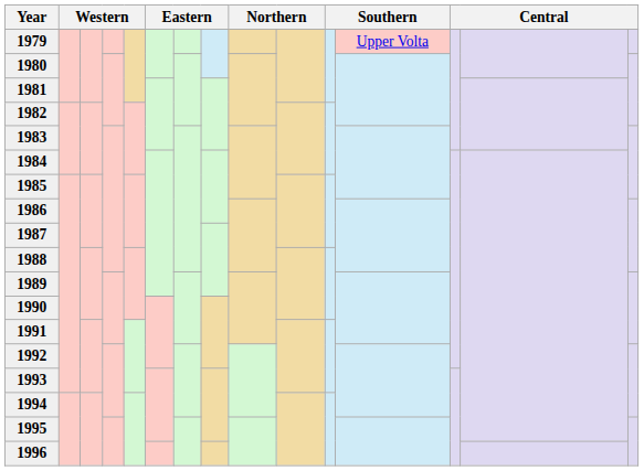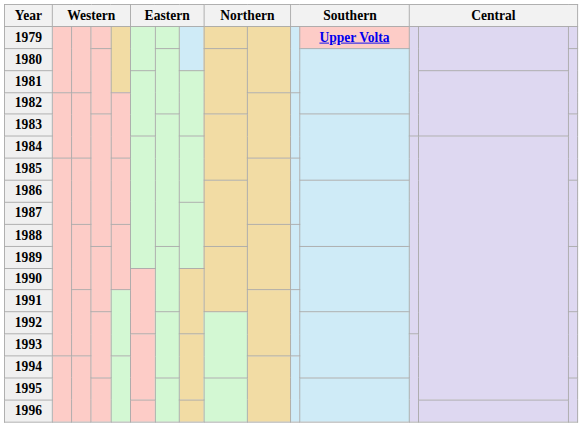 <table class="wikitable" width="100%" style="font-size:92%;">
 <tr>
 <th>Year</th>
 <th colspan='4'>Western</th>
 <th colspan='3'>Eastern</th>
 <th colspan='2'>Northern</th>
 <th colspan='2'>Southern</th>
 <th colspan='3'>Central</th>
 </tr>
 <tr align="center">
 <td style="background: #f0f0f0"><strong>1979</strong></td>
 <td style="background: #fdccc7" rowspan='3'></td>
 <td style="background: #fdccc7" rowspan='3'></td>
 <td style="background: #fdccc7" rowspan='1'></td>
 <td style="background: #f2dca4" rowspan='3'></td>
 <td style="background: #d3f8d3" rowspan='2'></td>
 <td style="background: #d3f8d3" rowspan='1'></td>
 <td style="background: #cfebf7" rowspan='2'></td>
 <td style="background: #f2dca4" rowspan='1'></td>
 <td style="background: #f2dca4" rowspan='3'></td>
 <td style="background: #cfebf7" rowspan='3'></td>
-<td style="background: #fdccc7" rowspan='1'> <a href='#'>Upper Volta</a></td>
+<td style="background: #fdccc7" rowspan='1'><strong> <a href='#'>Upper Volta</a></strong></td>
 <td style="background: #ded8f1" rowspan='5'></td>
 <td style="background: #ded8f1" rowspan='2'></td>
 <td style="background: #ded8f1" rowspan='1'></td>
 </tr>
 <tr align="center">
 <td style="background: #f0f0f0"><strong>1980</strong></td>
 <td style="background: #fdccc7" rowspan='3'></td>
 <td style="background: #d3f8d3" rowspan='3'></td>
 <td style="background: #f2dca4" rowspan='3'></td>
 <td style="background: #cfebf7" rowspan='3'></td>
 <td style="background: #ded8f1" rowspan='3'></td>
 </tr>
 <tr align="center">
 <td style="background: #f0f0f0"><strong>1981</strong></td>
 <td style="background: #d3f8d3" rowspan='3'></td>
 <td style="background: #d3f8d3" rowspan='3'></td>
 <td style="background: #ded8f1" rowspan='3'></td>
 </tr>
 <tr align="center">
 <td style="background: #f0f0f0"><strong>1982</strong></td>
 <td style="background: #fdccc7" rowspan='3'></td>
 <td style="background: #fdccc7" rowspan='3'></td>
 <td style="background: #fdccc7" rowspan='3'></td>
 <td style="background: #f2dca4" rowspan='3'></td>
 <td style="background: #cfebf7" rowspan='3'></td>
 </tr>
 <tr align="center">
 <td style="background: #f0f0f0"><strong>1983</strong></td>
 <td style="background: #fdccc7" rowspan='6'></td>
 <td style="background: #d3f8d3" rowspan='6'></td>
 <td style="background: #f2dca4" rowspan='3'></td>
 <td style="background: #cfebf7" rowspan='3'></td>
 <td style="background: #ded8f1" rowspan='3'></td>
 </tr>
 <tr align="center">
 <td style="background: #f0f0f0"><strong>1984</strong></td>
 <td style="background: #d3f8d3" rowspan='6'></td>
 <td style="background: #d3f8d3" rowspan='3'></td>
 <td style="background: #ded8f1" rowspan='9'></td>
 <td style="background: #ded8f1" rowspan='12'></td>
 </tr>
 <tr align="center">
 <td style="background: #f0f0f0"><strong>1985</strong></td>
 <td style="background: #fdccc7" rowspan='9'></td>
 <td style="background: #fdccc7" rowspan='3'></td>
 <td style="background: #fdccc7" rowspan='3'></td>
 <td style="background: #f2dca4" rowspan='3'></td>
 <td style="background: #cfebf7" rowspan='3'></td>
 </tr>
 <tr align="center">
 <td style="background: #f0f0f0"><strong>1986</strong></td>
 <td style="background: #f2dca4" rowspan='3'></td>
 <td style="background: #cfebf7" rowspan='3'></td>
 <td style="background: #ded8f1" rowspan='3'></td>
 </tr>
 <tr align="center">
 <td style="background: #f0f0f0"><strong>1987</strong></td>
 <td style="background: #d3f8d3" rowspan='3'></td>
 </tr>
 <tr align="center">
 <td style="background: #f0f0f0"><strong>1988</strong></td>
 <td style="background: #fdccc7" rowspan='3'></td>
 <td style="background: #fdccc7" rowspan='3'></td>
 <td style="background: #f2dca4" rowspan='3'></td>
 <td style="background: #cfebf7" rowspan='3'></td>
 </tr>
 <tr align="center">
 <td style="background: #f0f0f0"><strong>1989</strong></td>
 <td style="background: #fdccc7" rowspan='3'></td>
 <td style="background: #d3f8d3" rowspan='3'></td>
 <td style="background: #f2dca4" rowspan='3'></td>
 <td style="background: #cfebf7" rowspan='3'></td>
 <td style="background: #ded8f1" rowspan='3'></td>
 </tr>
 <tr align="center">
 <td style="background: #f0f0f0"><strong>1990</strong></td>
 <td style="background: #fdccc7" rowspan='3'></td>
 <td style="background: #f2dca4" rowspan='3'></td>
 </tr>
 <tr align="center">
 <td style="background: #f0f0f0"><strong>1991</strong></td>
 <td style="background: #fdccc7" rowspan='3'></td>
 <td style="background: #d3f8d3" rowspan='3'></td>
 <td style="background: #f2dca4" rowspan='3'></td>
 <td style="background: #cfebf7" rowspan='3'></td>
 </tr>
 <tr align="center">
 <td style="background: #f0f0f0"><strong>1992</strong></td>
 <td style="background: #fdccc7" rowspan='3'></td>
 <td style="background: #d3f8d3" rowspan='3'></td>
 <td style="background: #d3f8d3" rowspan='3'></td>
 <td style="background: #cfebf7" rowspan='3'></td>
 <td style="background: #ded8f1" rowspan='3'></td>
 </tr>
 <tr align="center">
 <td style="background: #f0f0f0"><strong>1993</strong></td>
 <td style="background: #fdccc7" rowspan='3'></td>
 <td style="background: #f2dca4" rowspan='3'></td>
 <td style="background: #ded8f1" rowspan='4'></td>
 </tr>
 <tr align="center">
 <td style="background: #f0f0f0"><strong>1994</strong></td>
 <td style="background: #fdccc7" rowspan='3'></td>
 <td style="background: #fdccc7" rowspan='3'></td>
 <td style="background: #d3f8d3" rowspan='3'></td>
 <td style="background: #f2dca4" rowspan='3'></td>
 <td style="background: #cfebf7" rowspan='3'></td>
 </tr>
 <tr align="center">
 <td style="background: #f0f0f0"><strong>1995</strong></td>
 <td style="background: #fdccc7" rowspan='2'></td>
 <td style="background: #d3f8d3" rowspan='2'></td>
 <td style="background: #d3f8d3" rowspan='2'></td>
 <td style="background: #cfebf7" rowspan='2'></td>
 <td style="background: #ded8f1" rowspan='2'></td>
 </tr>
 <tr align="center">
 <td style="background: #f0f0f0"><strong>1996</strong></td>
 <td style="background: #fdccc7" rowspan='1'></td>
 <td style="background: #f2dca4" rowspan='1'></td>
 <td style="background: #ded8f1; min-width: 107px;" rowspan='1'></td>
 </tr>
 </table>
